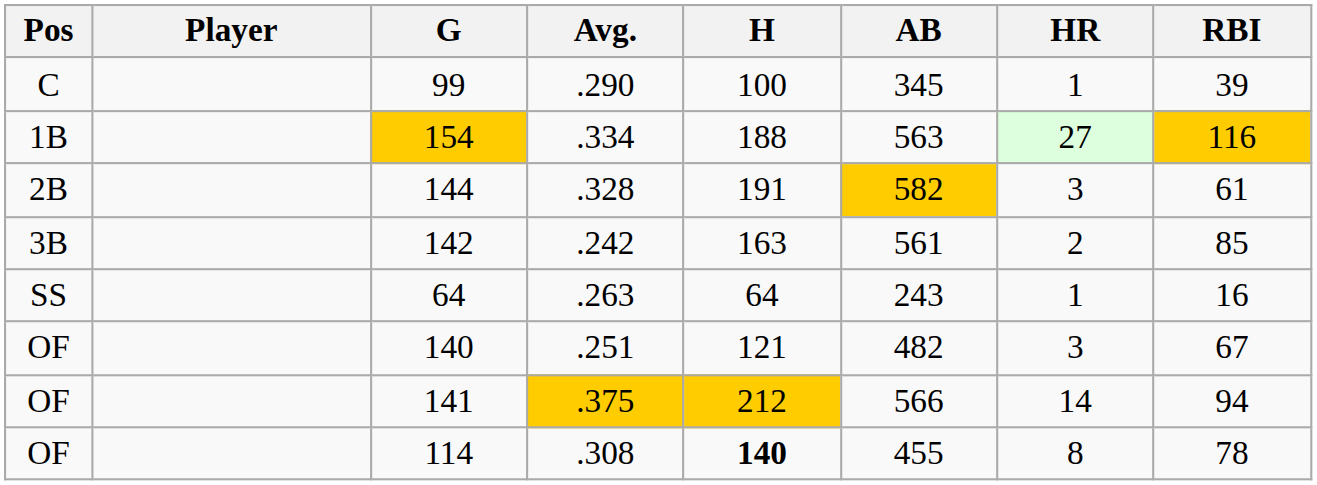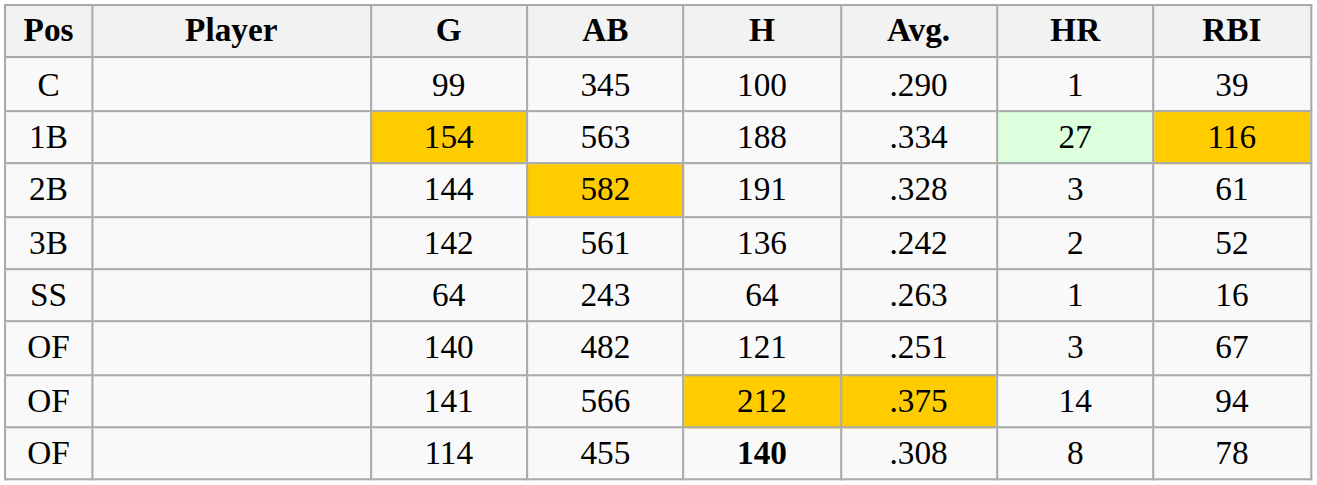 <table class="wikitable sortable">
 <tr>
 <th bgcolor="#DDDDFF" width="5%">Pos</th>
 <th bgcolor="#DDDDFF" width="16%">Player</th>
 <th bgcolor="#DDDDFF" width="9%">G</th>
+<th bgcolor="#DDDDFF" width="9%">AB</th>
+<th bgcolor="#DDDDFF" width="9%">H</th>
 <th bgcolor="#DDDDFF" width="9%">Avg.</th>
-<th bgcolor="#DDDDFF" width="9%">H</th>
-<th bgcolor="#DDDDFF" width="9%">AB</th>
 <th bgcolor="#DDDDFF" width="9%">HR</th>
 <th bgcolor="#DDDDFF" width="9%">RBI</th>
 </tr>
 <tr align="center">
 <td>C</td>
 <td></td>
 <td>99</td>
+<td>345</td>
+<td>100</td>
 <td>.290</td>
-<td>100</td>
-<td>345</td>
 <td>1</td>
 <td>39</td>
 </tr>
 <tr align="center">
 <td>1B</td>
 <td></td>
 <td style="background:#fc0;">154</td>
+<td>563</td>
+<td>188</td>
 <td>.334</td>
-<td>188</td>
-<td>563</td>
 <td style="background:#DDFFDD;">27</td>
 <td style="background:#fc0;">116</td>
 </tr>
 <tr align="center">
 <td>2B</td>
 <td></td>
 <td>144</td>
+<td style="background:#fc0;">582</td>
+<td>191</td>
 <td>.328</td>
-<td>191</td>
-<td style="background:#fc0;">582</td>
 <td>3</td>
 <td>61</td>
 </tr>
 <tr align="center">
 <td>3B</td>
 <td></td>
 <td>142</td>
+<td>561</td>
+<td>136</td>
 <td>.242</td>
-<td>163</td>
-<td>561</td>
 <td>2</td>
-<td>85</td>
+<td>52</td>
 </tr>
 <tr align="center">
 <td>SS</td>
 <td></td>
 <td>64</td>
+<td>243</td>
+<td>64</td>
 <td>.263</td>
-<td>64</td>
-<td>243</td>
 <td>1</td>
 <td>16</td>
 </tr>
 <tr align="center">
 <td>OF</td>
 <td></td>
 <td>140</td>
+<td>482</td>
+<td>121</td>
 <td>.251</td>
-<td>121</td>
-<td>482</td>
 <td>3</td>
 <td>67</td>
 </tr>
 <tr align="center">
 <td>OF</td>
 <td></td>
 <td>141</td>
+<td>566</td>
+<td style="background:#fc0;">212</td>
 <td style="background:#fc0;">.375</td>
-<td style="background:#fc0;">212</td>
-<td>566</td>
 <td>14</td>
 <td>94</td>
 </tr>
 <tr align="center">
 <td>OF</td>
 <td></td>
 <td>114</td>
+<td>455</td>
+<td><strong>140</strong></td>
 <td>.308</td>
-<td><strong>140</strong></td>
-<td>455</td>
 <td>8</td>
 <td>78</td>
 </tr>
 </table>
